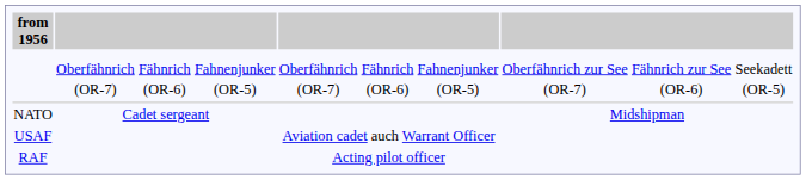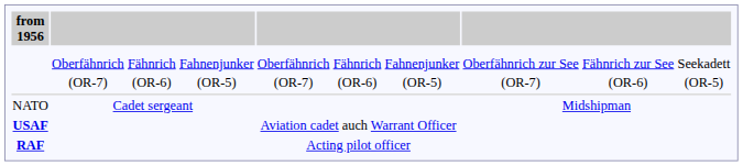 <table style="border:1px solid #8888aa; background-color:#f7f8ff; padding:5px; font-size:95%; margin: 0px 12px 12px 0px;">
 <tr bgcolor="#CCCCCC">
 <th>from<br>1956</th>
 <th colspan=3></th>
 <th colspan=3></th>
 <th colspan=4></th>
 </tr>
 <tr align="center">
 <td rowspan=2></td>
 <td></td>
 <td></td>
 <td></td>
 <td></td>
 <td></td>
 <td></td>
 <td> </td>
 <td> </td>
 <td> </td>
 </tr>
 <tr align="center">
 <td></td>
 <td></td>
 <td></td>
 <td></td>
 <td></td>
 <td></td>
 <td></td>
 <td></td>
 <td></td>
 </tr>
 <tr align="center">
 <td></td>
 <td><a href='#'>Oberfähnrich</a><br></td>
 <td><a href='#'>Fähnrich</a><br></td>
 <td><a href='#'>Fahnenjunker</a><br></td>
 <td><a href='#'>Oberfähnrich</a><br></td>
 <td><a href='#'>Fähnrich</a><br></td>
 <td><a href='#'>Fahnenjunker</a><br></td>
 <td><a href='#'>Oberfähnrich zur See</a><br></td>
 <td><a href='#'>Fähnrich zur See</a><br></td>
 <td>Seekadett<br></td>
 </tr>
 <tr align="center">
 <td><a href='#'></a></td>
 <td>(OR-7)</td>
 <td>(OR-6)</td>
 <td>(OR-5)</td>
 <td>(OR-7)</td>
 <td>(OR-6)</td>
 <td>(OR-5)</td>
 <td>(OR-7)</td>
 <td>(OR-6)</td>
 <td colspan=2>(OR-5)</td>
 </tr>
 <tr>
 <td colspan=12 bgcolor="DCDCDC"></td>
 </tr>
 <tr align="center">
 <td>NATO</td>
 <td colspan=3><a href='#'>Cadet sergeant</a></td>
 <td colspan=3></td>
 <td colspan=3><a href='#'>Midshipman</a></td>
 </tr>
 <tr align="center">
-<td><a href='#'>USAF</a></td>
+<td><strong><a href='#'>USAF</a></strong></td>
 <td colspan=3></td>
 <td colspan=3><a href='#'>Aviation cadet</a> auch <a href='#'>Warrant Officer</a></td>
 <td colspan=3></td>
 </tr>
 <tr align="center">
-<td><a href='#'>RAF</a></td>
+<td><strong><a href='#'>RAF</a></strong></td>
 <td colspan=3></td>
 <td align="center" colspan=3><a href='#'>Acting pilot officer</a></td>
 </tr>
 </table>
